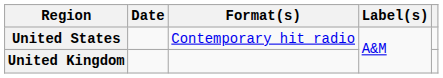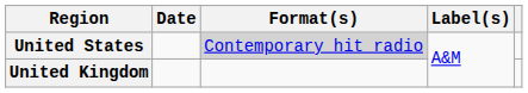 <table class="wikitable plainrowheaders">
 <tr>
 <th scope="col">Region</th>
 <th scope="col">Date</th>
 <th scope="col">Format(s)</th>
 <th scope="col">Label(s)</th>
 <th scope="col"></th>
 </tr>
 <tr>
 <th scope="row">United States</th>
 <td></td>
-<td><a href='#'>Contemporary hit radio</a></td>
+<td style="background: lightgrey;"><a href='#'>Contemporary hit radio</a></td>
 <td rowspan="2"><a href='#'>A&M</a></td>
 <td></td>
 </tr>
 <tr>
 <th scope="row">United Kingdom</th>
 <td></td>
 <td></td>
 <td></td>
 </tr>
 </table>
